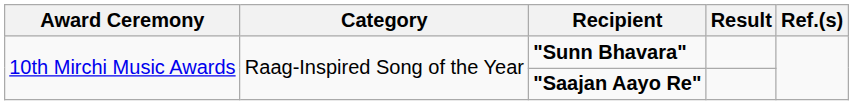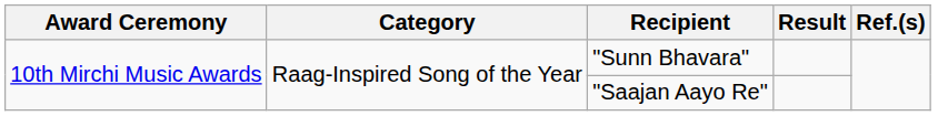 <table class="wikitable">
 <tr>
 <th>Award Ceremony</th>
 <th>Category</th>
 <th>Recipient</th>
 <th>Result</th>
 <th>Ref.(s)</th>
 </tr>
 <tr>
 <td rowspan=2><a href='#'>10th Mirchi Music Awards</a></td>
 <td rowspan=2>Raag-Inspired Song of the Year</td>
-<td><strong>"Sunn Bhavara"</strong></td>
+<td>"Sunn Bhavara"</td>
 <td></td>
 <td rowspan=2></td>
 </tr>
 <tr>
-<td><strong>"Saajan Aayo Re"</strong></td>
+<td>"Saajan Aayo Re"</td>
 <td></td>
 </tr>
 </table>
